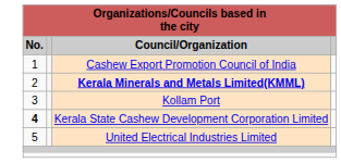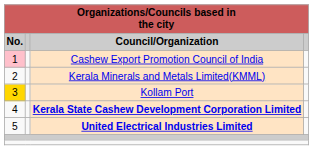 <table class="wikitable" style="float:right; font-size:80%; text-align:center; margin:1em;">
 <tr>
 <td colspan="6" style="background:#CD5C5C;"><strong>Organizations/Councils based in<br> the city</strong><br></td>
 </tr>
 <tr style="background:#ccc;">
 <td><strong>No.</strong></td>
 <td></td>
 <td style="background:#ccc;"><strong>Council/Organization</strong></td>
 <td style="background:#ccc;"></td>
 </tr>
 <tr>
-<td>1</td>
+<td style="background: pink;">1</td>
 <td></td>
 <td style="background:#FFE4C4;"><a href='#'>Cashew Export Promotion Council of India</a></td>
 <td></td>
 </tr>
 <tr>
 <td>2</td>
 <td></td>
-<td style="background:#FFE4C4;"><strong><a href='#'>Kerala Minerals and Metals Limited(KMML)</a></strong></td>
+<td style="background:#FFE4C4;"><a href='#'>Kerala Minerals and Metals Limited(KMML)</a></td>
 <td></td>
 </tr>
 <tr>
-<td>3</td>
+<td style="background: gold;">3</td>
 <td></td>
 <td style="background:#FFE4C4;"><a href='#'>Kollam Port</a></td>
 <td></td>
 </tr>
 <tr>
-<td><strong>4</strong></td>
+<td>4</td>
 <td></td>
-<td style="background:#FFE4C4;"><a href='#'>Kerala State Cashew Development Corporation Limited</a></td>
+<td style="background:#FFE4C4;"><strong><a href='#'>Kerala State Cashew Development Corporation Limited</a></strong></td>
 <td></td>
 </tr>
 <tr>
 <td>5</td>
 <td></td>
-<td style="background:#FFE4C4;"><a href='#'>United Electrical Industries Limited</a></td>
+<td style="background:#FFE4C4;"><strong><a href='#'>United Electrical Industries Limited</a></strong></td>
 <td></td>
 </tr>
 <tr>
 <td colspan="6" style="background:#ccc;"></td>
 </tr>
 <tr>
 <td colspan="6"></td>
 </tr>
 </table>
